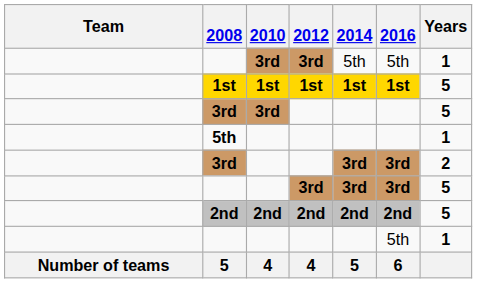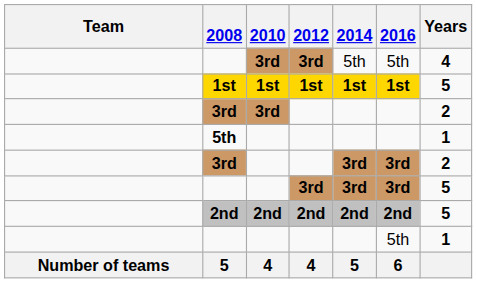 <table class="wikitable" style="text-align:center; font-size:90%">
 <tr>
 <th width=170>Team</th>
 <th width=25><br><a href='#'>2008</a></th>
 <th width=25><br><a href='#'>2010</a></th>
 <th width=25><br><a href='#'>2012</a></th>
 <th width=25><br><a href='#'>2014</a></th>
 <th width=25><br><a href='#'>2016</a></th>
 <th width=40>Years</th>
 </tr>
 <tr>
 <td align=left></td>
 <td></td>
 <td bgcolor=#cc9966><strong>3rd</strong></td>
 <td bgcolor=#cc9966><strong>3rd</strong></td>
 <td>5th</td>
 <td>5th</td>
-<td><strong>1</strong></td>
+<td><strong>4</strong></td>
 </tr>
 <tr>
 <td align=left></td>
 <td bgcolor=gold><strong>1st</strong></td>
 <td bgcolor=gold><strong>1st</strong></td>
 <td bgcolor=gold><strong>1st</strong></td>
 <td bgcolor=gold><strong>1st</strong></td>
 <td bgcolor=gold><strong>1st</strong></td>
 <td><strong>5</strong></td>
 </tr>
 <tr>
 <td align=left></td>
 <td bgcolor=#cc9966><strong>3rd</strong></td>
 <td bgcolor=#cc9966><strong>3rd</strong></td>
 <td></td>
 <td></td>
 <td></td>
-<td><strong>5</strong></td>
+<td><strong>2</strong></td>
 </tr>
 <tr>
 <td align=left></td>
 <td><strong>5th</strong></td>
 <td></td>
 <td></td>
 <td></td>
 <td></td>
 <td><strong>1</strong></td>
 </tr>
 <tr>
 <td align=left></td>
 <td bgcolor=#cc9966><strong>3rd</strong></td>
 <td></td>
 <td></td>
 <td bgcolor=#cc9966><strong>3rd</strong></td>
 <td bgcolor=#cc9966><strong>3rd</strong></td>
 <td><strong>2</strong></td>
 </tr>
 <tr>
 <td align=left></td>
 <td></td>
 <td></td>
 <td bgcolor=#cc9966><strong>3rd</strong></td>
 <td bgcolor=#cc9966><strong>3rd</strong></td>
 <td bgcolor=#cc9966><strong>3rd</strong></td>
 <td><strong>5</strong></td>
 </tr>
 <tr>
 <td align=left></td>
 <td bgcolor=silver><strong>2nd</strong></td>
 <td bgcolor=silver><strong>2nd</strong></td>
 <td bgcolor=silver><strong>2nd</strong></td>
 <td bgcolor=silver><strong>2nd</strong></td>
 <td bgcolor=silver><strong>2nd</strong></td>
 <td><strong>5</strong></td>
 </tr>
 <tr>
 <td align=left></td>
 <td></td>
 <td></td>
 <td></td>
 <td></td>
 <td>5th</td>
 <td><strong>1</strong></td>
 </tr>
 <tr>
 <th>Number of teams</th>
 <th>5</th>
 <th>4</th>
 <th>4</th>
 <th>5</th>
 <th>6</th>
 <th></th>
 </tr>
 </table>
